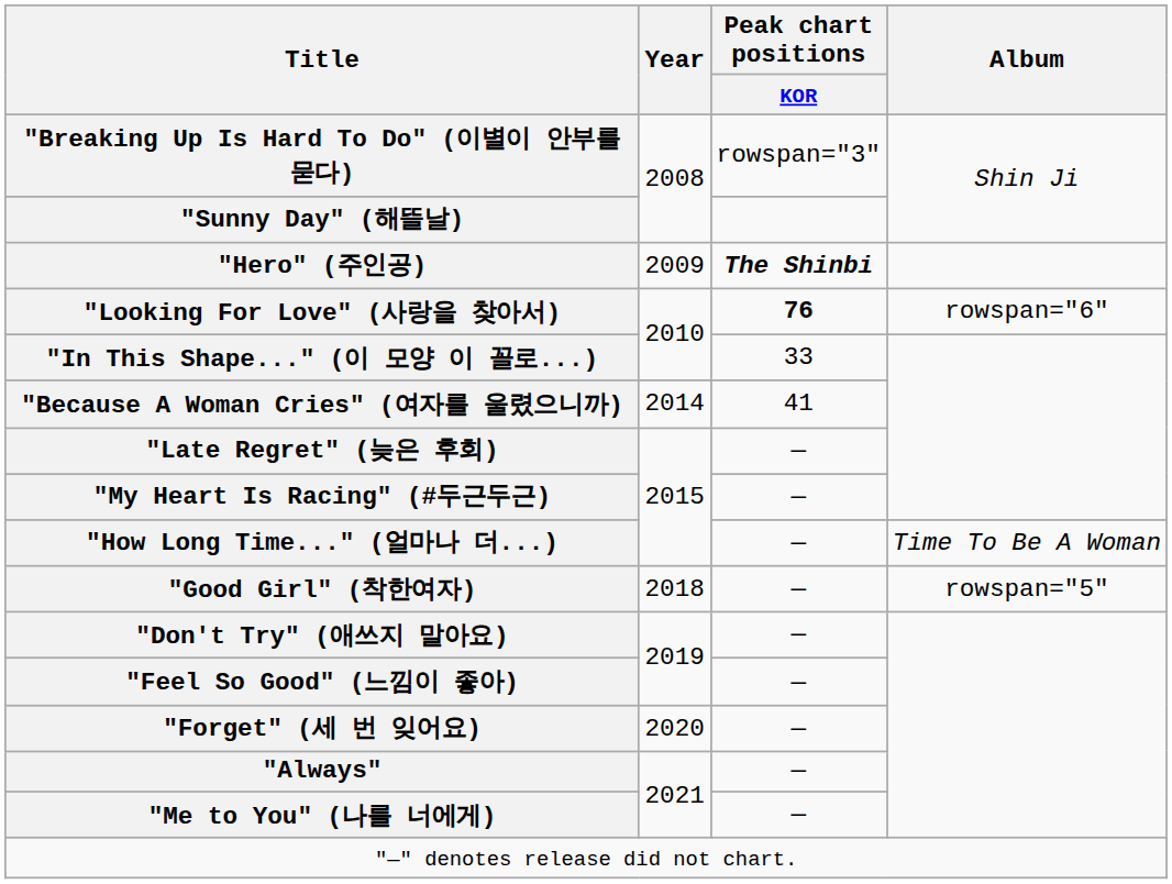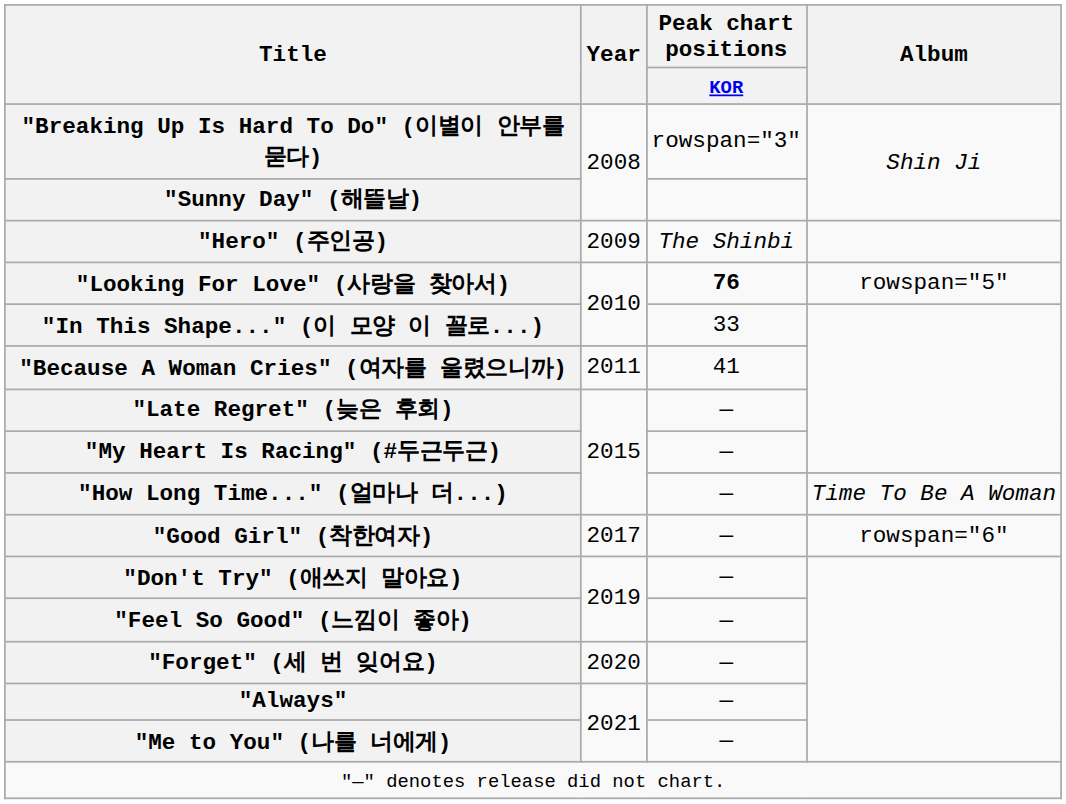 <table class="wikitable plainrowheaders" style="text-align:center;">
 <tr>
 <th scope="col" rowspan="2" style="width:25em;">Title</th>
 <th scope="col" rowspan="2">Year</th>
 <th scope="col" colspan="1" style="width:5em;">Peak chart positions</th>
 <th scope="col" rowspan="2">Album</th>
 </tr>
 <tr>
 <th><small><a href='#'>KOR</a><br></small></th>
 </tr>
 <tr>
 <th scope="row">"Breaking Up Is Hard To Do" (이별이 안부를 묻다)<br></th>
 <td rowspan="2">2008</td>
 <td>rowspan="3" </td>
 <td rowspan="2"><em>Shin Ji</em></td>
 </tr>
 <tr>
 <th scope="row">"Sunny Day" (해뜰날)<br></th>
 </tr>
 <tr>
 <th scope="row">"Hero" (주인공)<br></th>
 <td>2009</td>
-<td><strong><em>The Shinbi</em></strong></td>
+<td><em>The Shinbi</em></td>
 </tr>
 <tr>
 <th scope="row">"Looking For Love" (사랑을 찾아서)<br></th>
 <td rowspan="2">2010</td>
 <td><strong>76</strong></td>
-<td>rowspan="6" </td>
+<td>rowspan="5" </td>
 </tr>
 <tr>
 <th scope="row">"In This Shape..." (이 모양 이 꼴로...)</th>
 <td>33</td>
 </tr>
 <tr>
 <th scope="row">"Because A Woman Cries" (여자를 울렸으니까)</th>
-<td>2014</td>
+<td>2011</td>
 <td>41</td>
 </tr>
 <tr>
 <th scope="row">"Late Regret" (늦은 후회)</th>
 <td rowspan="3">2015</td>
 <td>—</td>
 </tr>
 <tr>
 <th scope="row">"My Heart Is Racing" (#두근두근)</th>
 <td>—</td>
 </tr>
 <tr>
 <th scope="row">"How Long Time..." (얼마나 더...)<br></th>
 <td>—</td>
 <td><em>Time To Be A Woman</em></td>
 </tr>
 <tr>
 <th scope="row">"Good Girl" (착한여자)</th>
-<td>2018</td>
+<td>2017</td>
 <td>—</td>
-<td>rowspan="5" </td>
+<td>rowspan="6" </td>
 </tr>
 <tr>
 <th scope="row">"Don't Try" (애쓰지 말아요)</th>
 <td rowspan="2">2019</td>
 <td>—</td>
 </tr>
 <tr>
 <th scope="row">"Feel So Good" (느낌이 좋아)</th>
 <td>—</td>
 </tr>
 <tr>
 <th scope="row">"Forget" (세 번 잊어요)</th>
 <td>2020</td>
 <td>—</td>
 </tr>
 <tr>
 <th scope="row">"Always"</th>
 <td rowspan="2">2021</td>
 <td>—</td>
 </tr>
 <tr>
 <th scope="row">"Me to You" (나를 너에게)</th>
 <td>—</td>
 </tr>
 <tr>
 <td colspan="4"><small>"—" denotes release did not chart.</small></td>
 </tr>
 </table>
